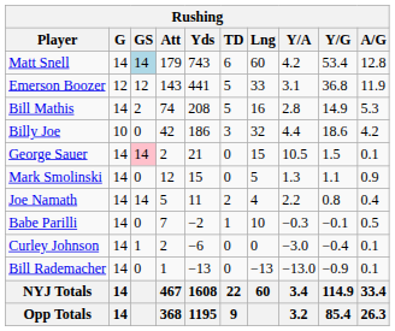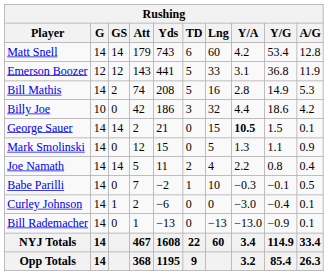 <table class="wikitable">
 <tr>
 <th colspan="10">Rushing</th>
 </tr>
 <tr>
 <th>Player</th>
 <th>G</th>
 <th>GS</th>
 <th>Att</th>
 <th>Yds</th>
 <th>TD</th>
 <th>Lng</th>
 <th>Y/A</th>
 <th>Y/G</th>
 <th>A/G</th>
 </tr>
 <tr>
 <td><a href='#'>Matt Snell</a></td>
 <td>14</td>
-<td style="background: lightblue;">14</td>
+<td>14</td>
 <td>179</td>
 <td>743</td>
 <td>6</td>
 <td>60</td>
 <td>4.2</td>
 <td>53.4</td>
 <td>12.8</td>
 </tr>
 <tr>
 <td><a href='#'>Emerson Boozer</a></td>
 <td>12</td>
 <td>12</td>
 <td>143</td>
 <td>441</td>
 <td>5</td>
 <td>33</td>
 <td>3.1</td>
 <td>36.8</td>
 <td>11.9</td>
 </tr>
 <tr>
 <td><a href='#'>Bill Mathis</a></td>
 <td>14</td>
 <td>2</td>
 <td>74</td>
 <td>208</td>
 <td>5</td>
 <td>16</td>
 <td>2.8</td>
 <td>14.9</td>
 <td>5.3</td>
 </tr>
 <tr>
 <td><a href='#'>Billy Joe</a></td>
 <td>10</td>
 <td>0</td>
 <td>42</td>
 <td>186</td>
 <td>3</td>
 <td>32</td>
 <td>4.4</td>
 <td>18.6</td>
 <td>4.2</td>
 </tr>
 <tr>
 <td><a href='#'>George Sauer</a></td>
 <td>14</td>
-<td style="background: pink;">14</td>
+<td>14</td>
 <td>2</td>
 <td>21</td>
 <td>0</td>
 <td>15</td>
-<td>10.5</td>
+<td><strong>10.5</strong></td>
 <td>1.5</td>
 <td>0.1</td>
 </tr>
 <tr>
 <td><a href='#'>Mark Smolinski</a></td>
 <td>14</td>
 <td>0</td>
 <td>12</td>
 <td>15</td>
 <td>0</td>
 <td>5</td>
 <td>1.3</td>
 <td>1.1</td>
 <td>0.9</td>
 </tr>
 <tr>
 <td><a href='#'>Joe Namath</a></td>
 <td>14</td>
 <td>14</td>
 <td>5</td>
 <td>11</td>
 <td>2</td>
 <td>4</td>
 <td>2.2</td>
 <td>0.8</td>
 <td>0.4</td>
 </tr>
 <tr>
 <td><a href='#'>Babe Parilli</a></td>
 <td>14</td>
 <td>0</td>
 <td>7</td>
 <td>−2</td>
 <td>1</td>
 <td>10</td>
 <td>−0.3</td>
 <td>−0.1</td>
 <td>0.5</td>
 </tr>
 <tr>
 <td><a href='#'>Curley Johnson</a></td>
 <td>14</td>
 <td>1</td>
 <td>2</td>
 <td>−6</td>
 <td>0</td>
 <td>0</td>
 <td>−3.0</td>
 <td>−0.4</td>
 <td>0.1</td>
 </tr>
 <tr>
 <td><a href='#'>Bill Rademacher</a></td>
 <td>14</td>
 <td>0</td>
 <td>1</td>
 <td>−13</td>
 <td>0</td>
 <td>−13</td>
 <td>−13.0</td>
 <td>−0.9</td>
 <td>0.1</td>
 </tr>
 <tr>
 <th><strong>NYJ Totals</strong></th>
 <th>14</th>
 <th></th>
 <th>467</th>
 <th>1608</th>
 <th>22</th>
 <th>60</th>
 <th>3.4</th>
 <th>114.9</th>
 <th>33.4</th>
 </tr>
 <tr>
 <th><strong>Opp Totals</strong></th>
 <th>14</th>
 <th></th>
 <th>368</th>
 <th>1195</th>
 <th>9</th>
 <th></th>
 <th>3.2</th>
 <th>85.4</th>
 <th>26.3</th>
 </tr>
 </table>
